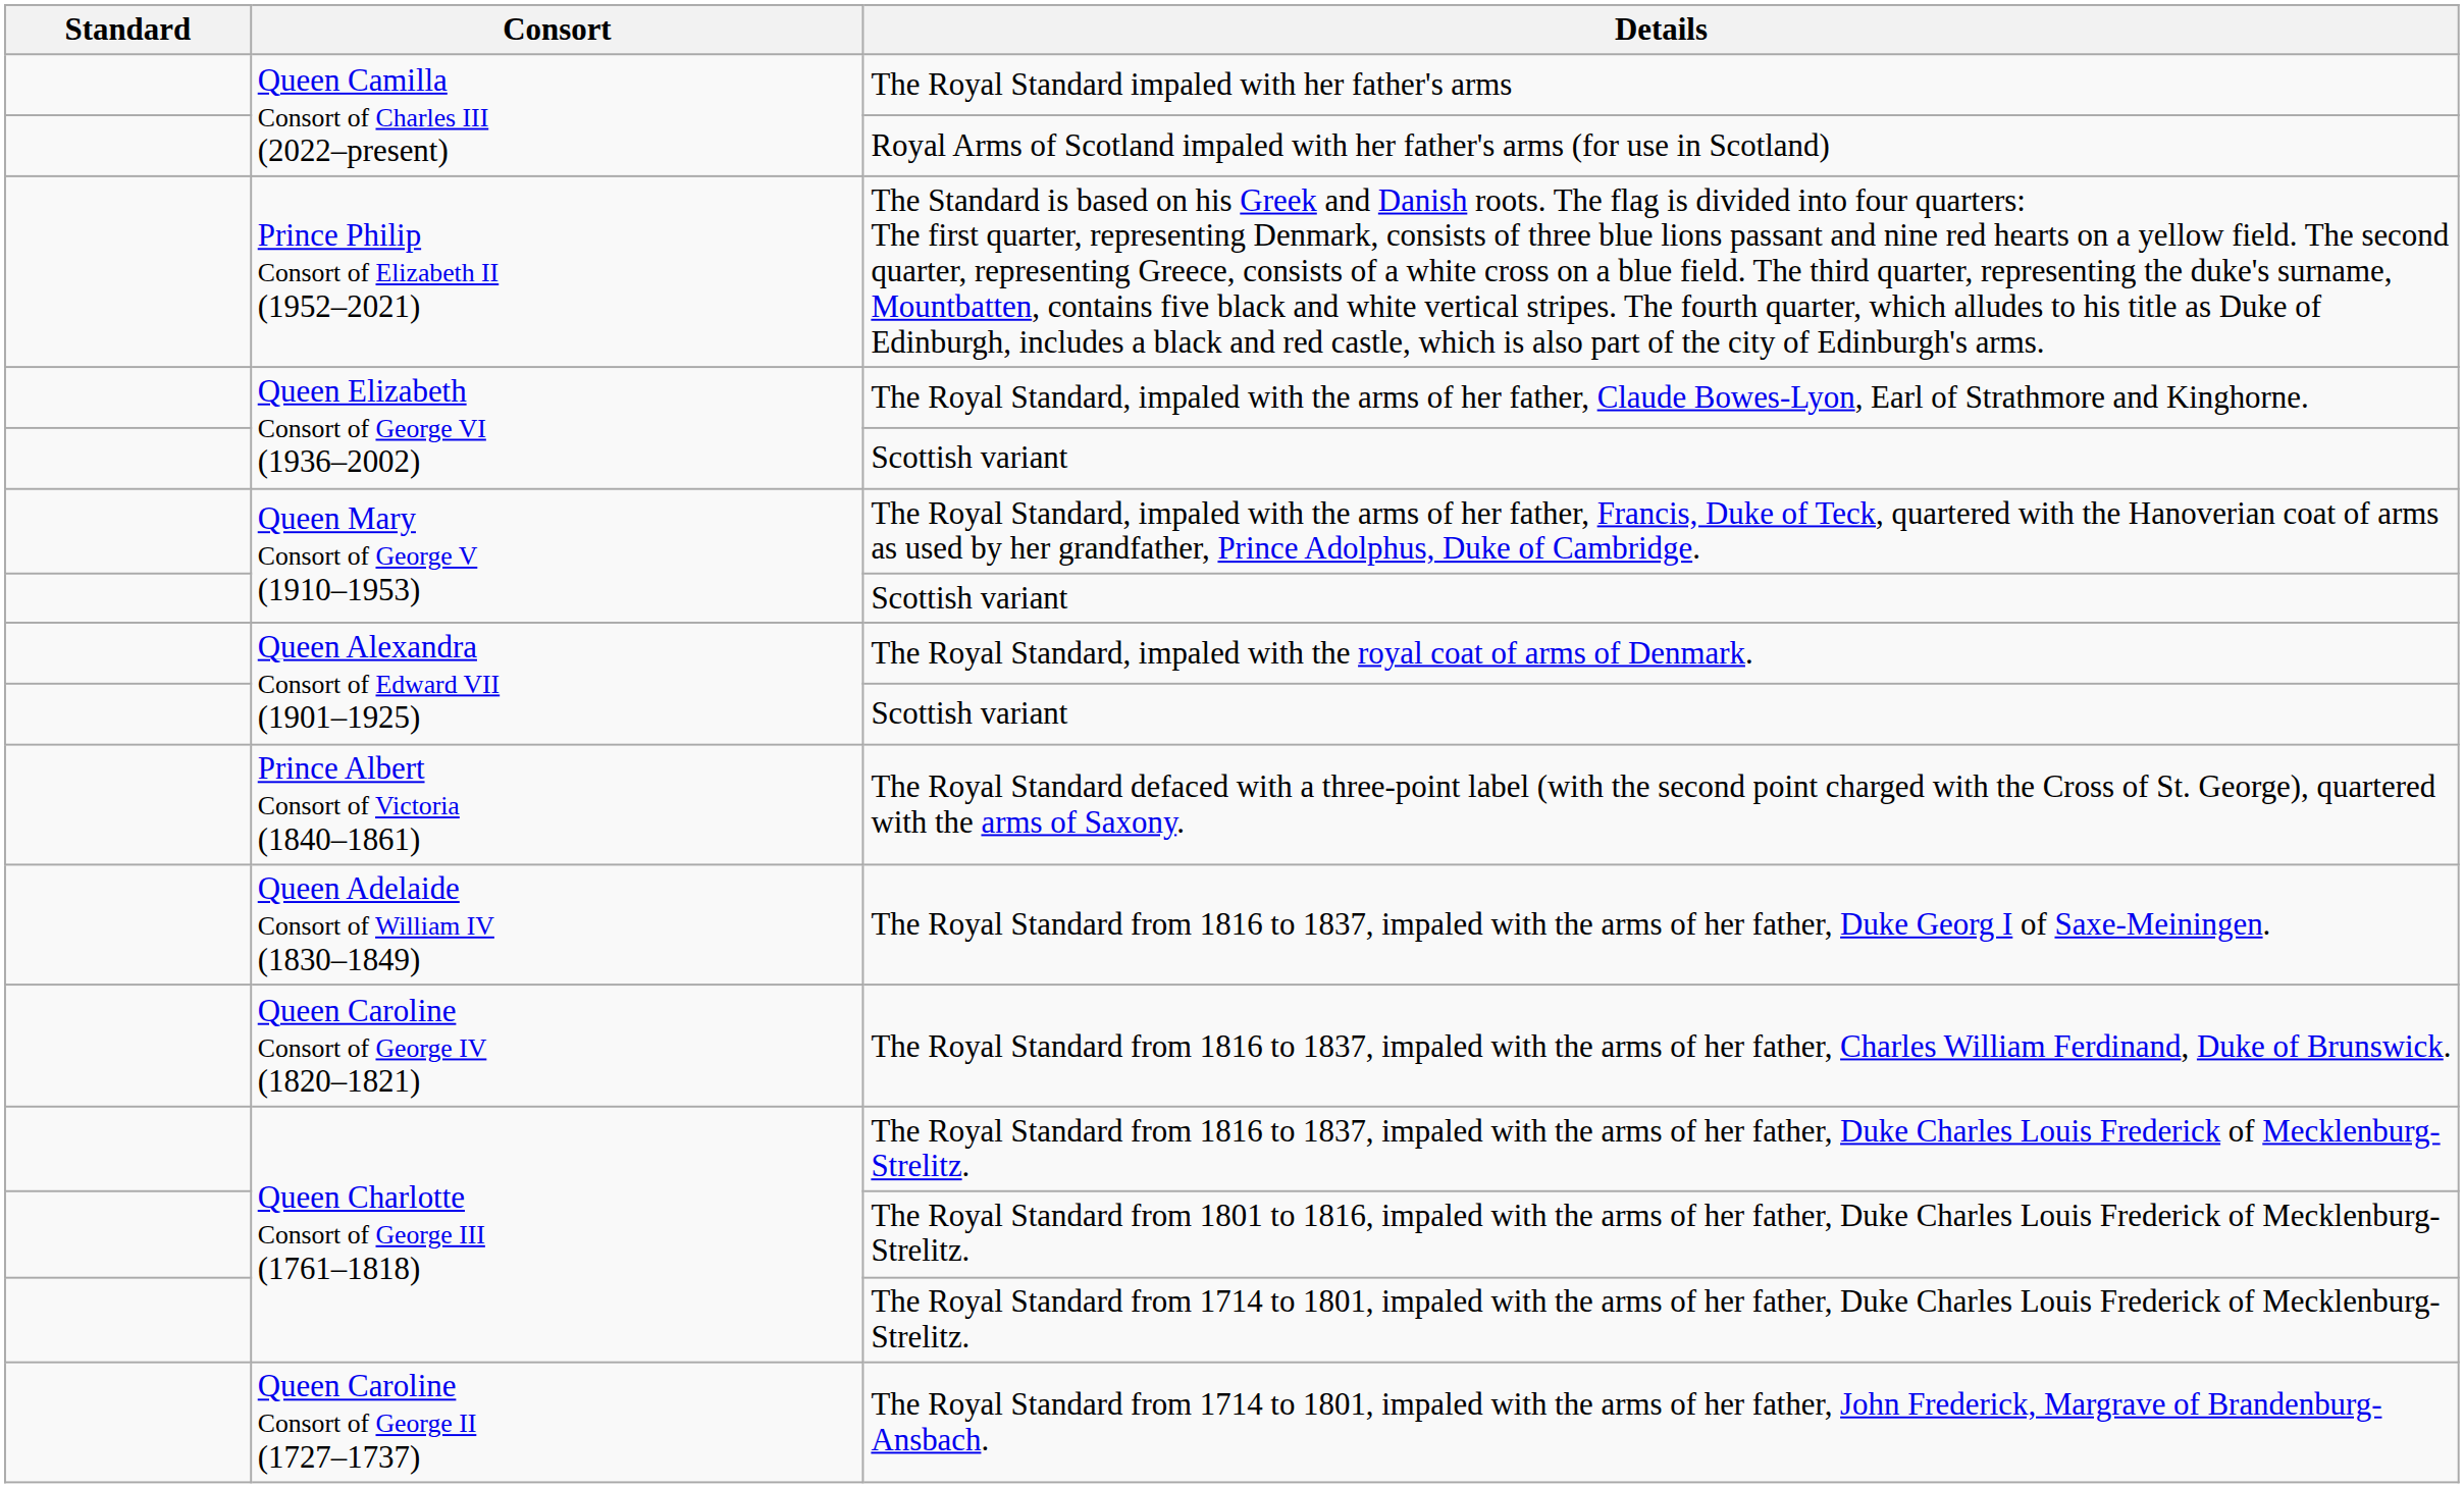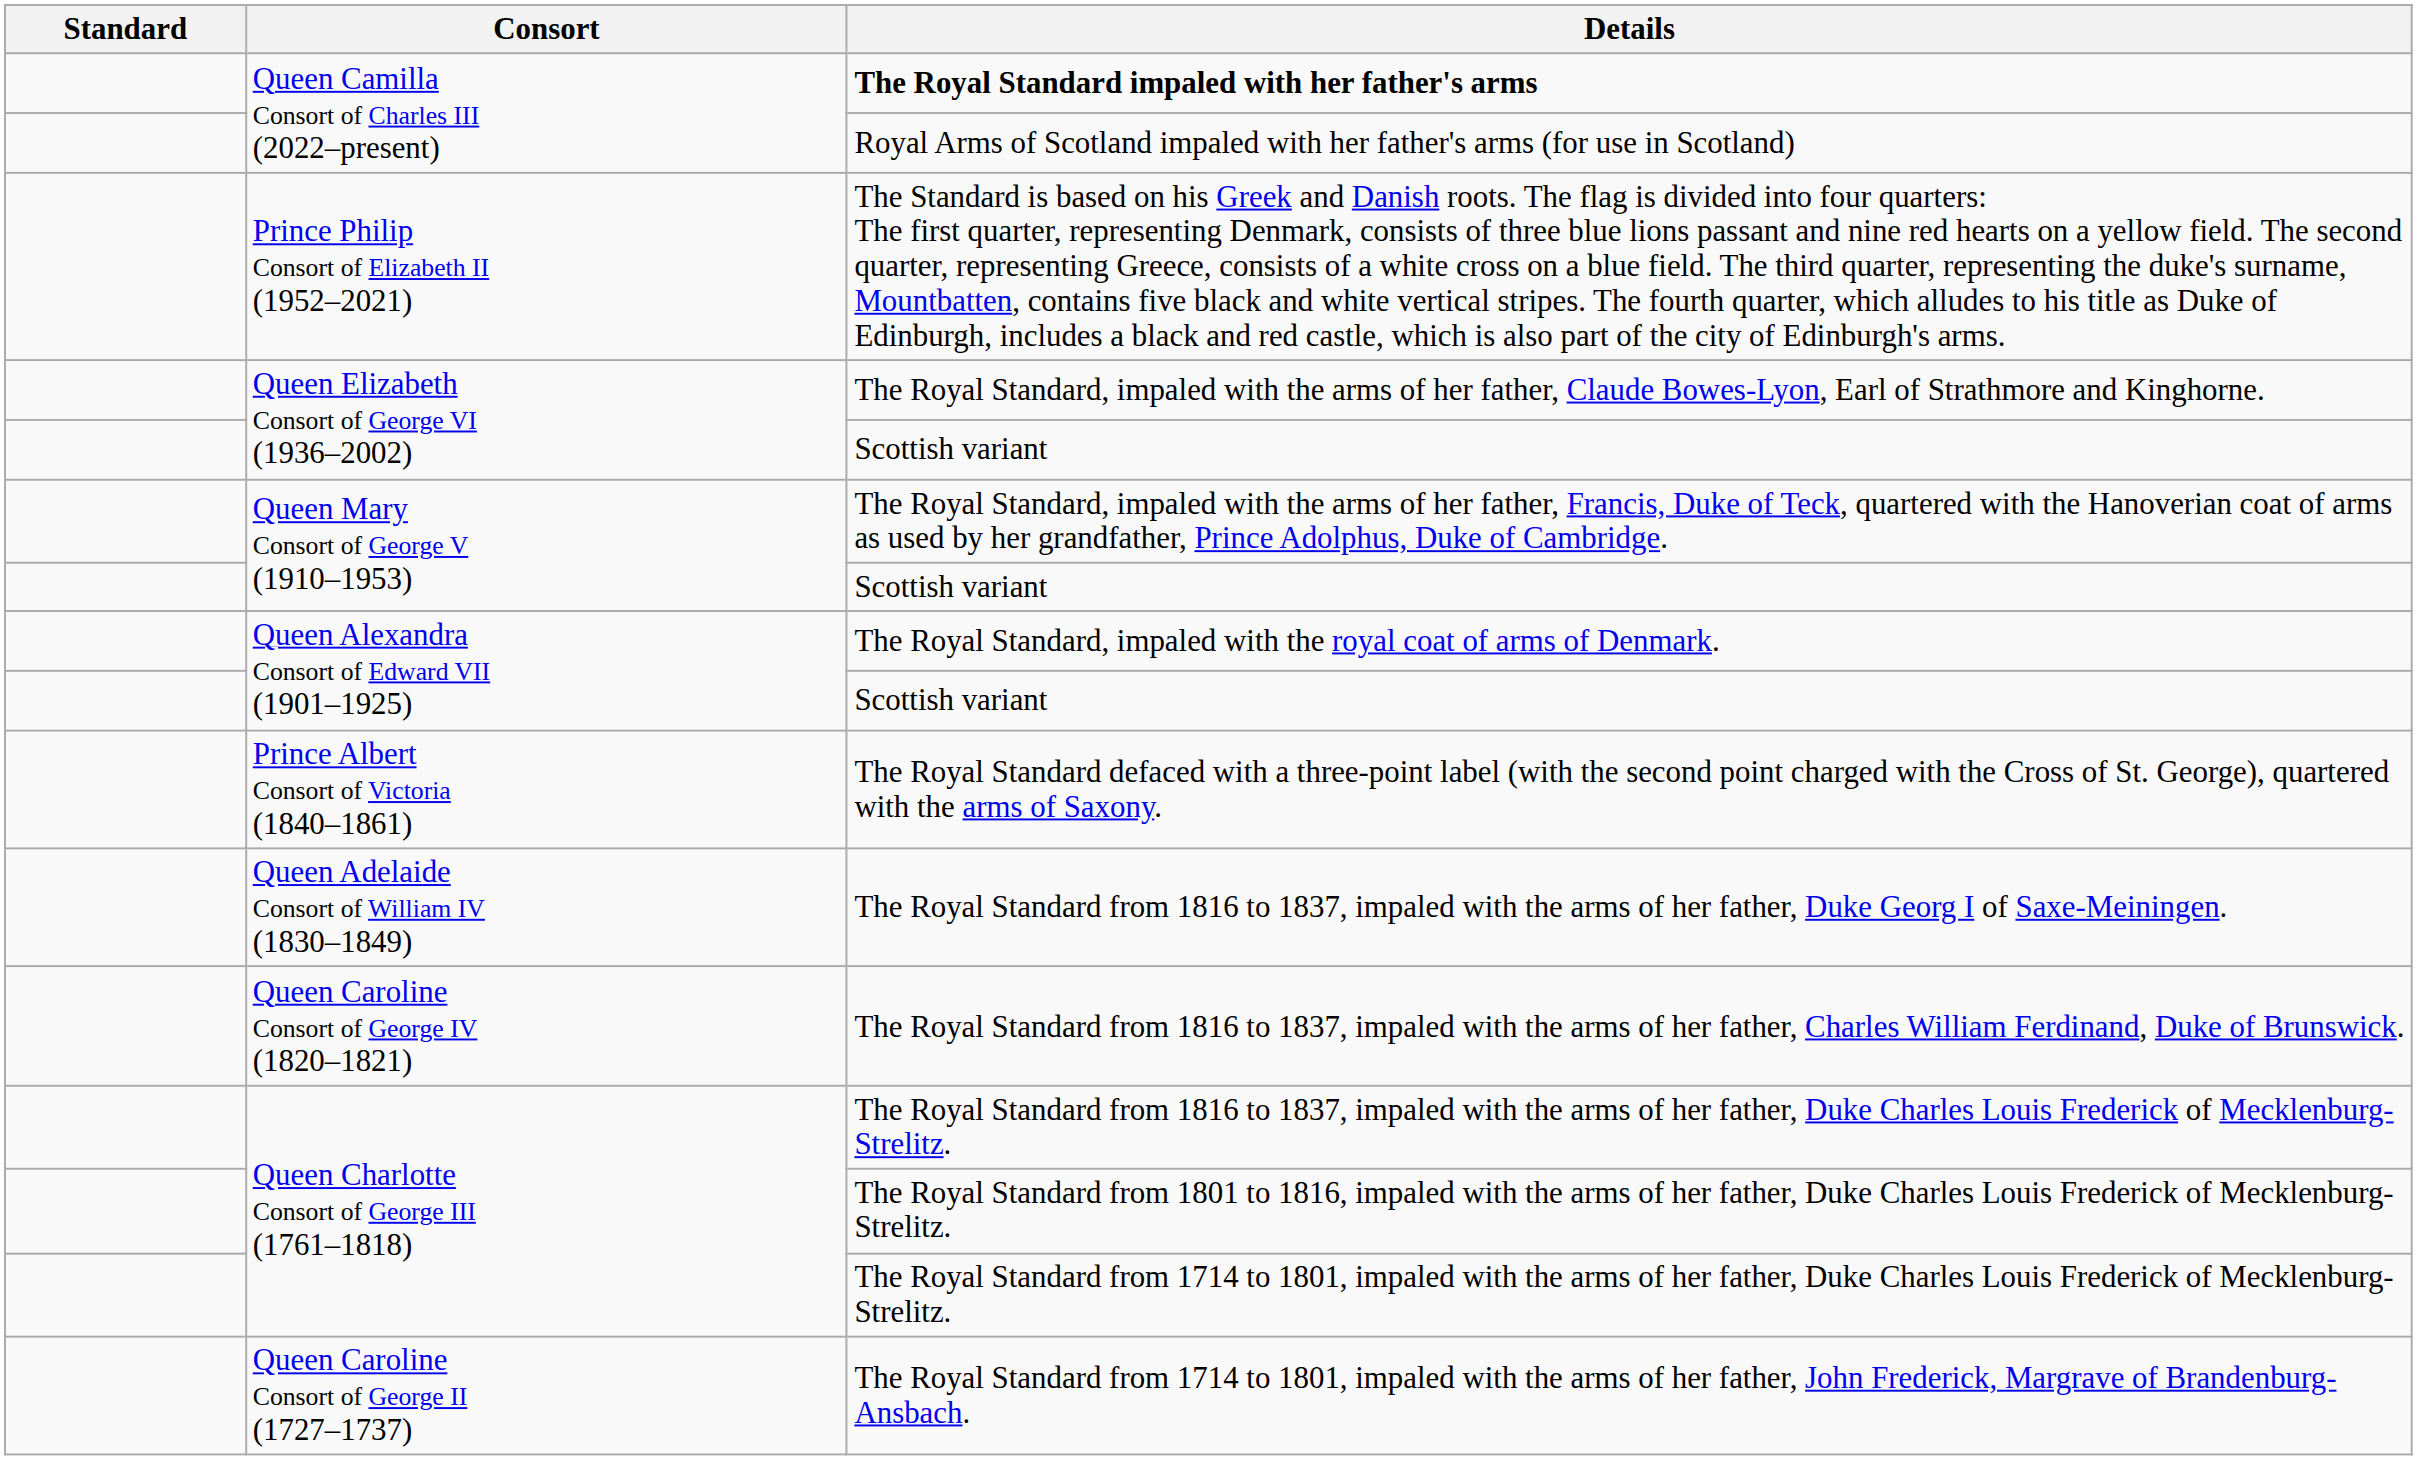 <table class="wikitable">
 <tr style="background:#efefef;">
 <th style="width:10%;">Standard</th>
 <th style="width:25%;">Consort</th>
 <th style="width:65%;">Details</th>
 </tr>
 <tr>
 <td></td>
 <td rowspan="2"><a href='#'>Queen Camilla</a><br><small>Consort of <a href='#'>Charles III</a></small><br>(2022–present)</td>
-<td>The Royal Standard impaled with her father's arms</td>
+<td><strong>The Royal Standard impaled with her father's arms</strong></td>
 </tr>
 <tr>
 <td></td>
 <td>Royal Arms of Scotland impaled with her father's arms (for use in Scotland) </td>
 </tr>
 <tr>
 <td></td>
 <td><a href='#'>Prince Philip</a><br><small>Consort of <a href='#'>Elizabeth II</a></small><br>(1952–2021)</td>
 <td>The Standard is based on his <a href='#'>Greek</a> and <a href='#'>Danish</a> roots. The flag is divided into four quarters:<br>The first quarter, representing Denmark, consists of three blue lions passant and nine red hearts on a yellow field. The second quarter, representing Greece, consists of a white cross on a blue field. The third quarter, representing the duke's surname, <a href='#'>Mountbatten</a>, contains five black and white vertical stripes. The fourth quarter, which alludes to his title as Duke of Edinburgh, includes a black and red castle, which is also part of the city of Edinburgh's arms.</td>
 </tr>
 <tr>
 <td></td>
 <td rowspan="2"><a href='#'>Queen Elizabeth</a><br><small>Consort of <a href='#'>George VI</a></small><br>(1936–2002)</td>
 <td>The Royal Standard, impaled with the arms of her father, <a href='#'>Claude Bowes-Lyon</a>, Earl of Strathmore and Kinghorne.</td>
 </tr>
 <tr>
 <td></td>
 <td>Scottish variant</td>
 </tr>
 <tr>
 <td></td>
 <td rowspan="2"><a href='#'>Queen Mary</a><br><small>Consort of <a href='#'>George V</a></small><br>(1910–1953)</td>
 <td>The Royal Standard, impaled with the arms of her father, <a href='#'>Francis, Duke of Teck</a>, quartered with the Hanoverian coat of arms as used by her grandfather, <a href='#'>Prince Adolphus, Duke of Cambridge</a>.</td>
 </tr>
 <tr>
 <td></td>
 <td>Scottish variant</td>
 </tr>
 <tr>
 <td></td>
 <td rowspan="2"><a href='#'>Queen Alexandra</a><br><small>Consort of <a href='#'>Edward VII</a></small><br>(1901–1925)</td>
 <td>The Royal Standard, impaled with the <a href='#'>royal coat of arms of Denmark</a>.</td>
 </tr>
 <tr>
 <td></td>
 <td>Scottish variant</td>
 </tr>
 <tr>
 <td></td>
 <td><a href='#'>Prince Albert</a><br><small>Consort of <a href='#'>Victoria</a></small><br>(1840–1861)</td>
 <td>The Royal Standard defaced with a three-point label (with the second point charged with the Cross of St. George), quartered with the <a href='#'>arms of Saxony</a>.</td>
 </tr>
 <tr>
 <td></td>
 <td><a href='#'>Queen Adelaide</a><br><small>Consort of <a href='#'>William IV</a></small><br>(1830–1849)</td>
 <td>The Royal Standard from 1816 to 1837, impaled with the arms of her father, <a href='#'>Duke Georg I</a> of <a href='#'>Saxe-Meiningen</a>.</td>
 </tr>
 <tr>
 <td></td>
 <td><a href='#'>Queen Caroline</a><br><small>Consort of <a href='#'>George IV</a></small><br>(1820–1821)</td>
 <td>The Royal Standard from 1816 to 1837, impaled with the arms of her father, <a href='#'>Charles William Ferdinand</a>, <a href='#'>Duke of Brunswick</a>.</td>
 </tr>
 <tr>
 <td></td>
 <td rowspan="3"><a href='#'>Queen Charlotte</a><br><small>Consort of <a href='#'>George III</a></small><br>(1761–1818)</td>
 <td>The Royal Standard from 1816 to 1837, impaled with the arms of her father, <a href='#'>Duke Charles Louis Frederick</a> of <a href='#'>Mecklenburg-Strelitz</a>.</td>
 </tr>
 <tr>
 <td></td>
 <td>The Royal Standard from 1801 to 1816, impaled with the arms of her father, Duke Charles Louis Frederick of Mecklenburg-Strelitz.</td>
 </tr>
 <tr>
 <td></td>
 <td>The Royal Standard from 1714 to 1801, impaled with the arms of her father, Duke Charles Louis Frederick of Mecklenburg-Strelitz.</td>
 </tr>
 <tr>
 <td></td>
 <td><a href='#'>Queen Caroline</a><br><small>Consort of <a href='#'>George II</a></small><br>(1727–1737)</td>
 <td>The Royal Standard from 1714 to 1801, impaled with the arms of her father, <a href='#'>John Frederick, Margrave of Brandenburg-Ansbach</a>.</td>
 </tr>
 </table>
